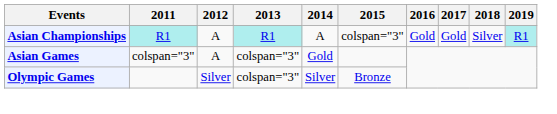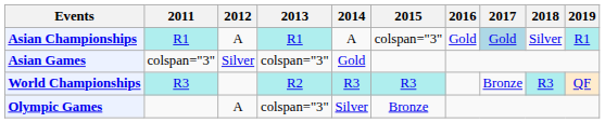 <table class="wikitable" style="font-size: 90%; text-align:center">
 <tr>
 <th>Events</th>
 <th>2011</th>
 <th>2012</th>
 <th>2013</th>
 <th>2014</th>
 <th>2015</th>
 <th>2016</th>
 <th>2017</th>
 <th>2018</th>
 <th>2019</th>
 </tr>
 <tr>
 <td bgcolor="#ECF2FF"; align="left"><strong><a href='#'>Asian Championships</a></strong></td>
 <td bgcolor=AFEEEE><a href='#'>R1</a></td>
 <td>A</td>
 <td bgcolor=AFEEEE><a href='#'>R1</a></td>
 <td>A</td>
 <td>colspan="3" </td>
 <td> <a href='#'>Gold</a></td>
-<td> <a href='#'>Gold</a></td>
+<td style="background: lightblue;"> <a href='#'>Gold</a></td>
 <td> <a href='#'>Silver</a></td>
 <td bgcolor=AFEEEE><a href='#'>R1</a></td>
 </tr>
 <tr>
 <td bgcolor="#ECF2FF"; align="left"><strong><a href='#'>Asian Games</a></strong></td>
 <td>colspan="3" </td>
-<td>A</td>
+<td> <a href='#'>Silver</a></td>
 <td>colspan="3" </td>
 <td> <a href='#'>Gold</a></td>
 <td></td>
 </tr>
 <tr>
+<td bgcolor="#ECF2FF"; align="left"><strong><a href='#'>World Championships</a></strong></td>
+<td bgcolor=AFEEEE><a href='#'>R3</a></td>
+<td></td>
+<td bgcolor=AFEEEE><a href='#'>R2</a></td>
+<td bgcolor=AFEEEE><a href='#'>R3</a></td>
+<td bgcolor=AFEEEE><a href='#'>R3</a></td>
+<td></td>
+<td> <a href='#'>Bronze</a></td>
+<td bgcolor=AFEEEE><a href='#'>R3</a></td>
+<td bgcolor=FFEBCD><a href='#'>QF</a></td>
+</tr>
+<tr>
 <td bgcolor="#ECF2FF"; align="left"><strong><a href='#'>Olympic Games</a></strong></td>
 <td></td>
-<td> <a href='#'>Silver</a></td>
+<td>A</td>
 <td>colspan="3" </td>
 <td> <a href='#'>Silver</a></td>
 <td> <a href='#'>Bronze</a></td>
 </tr>
 </table>
